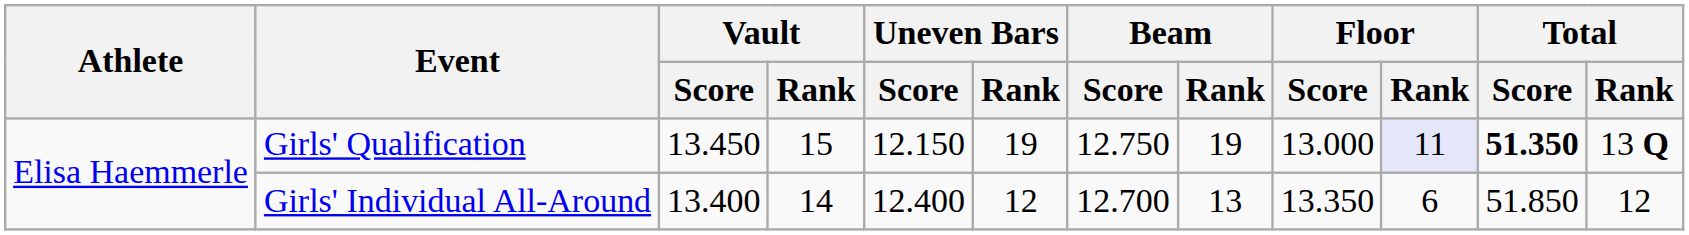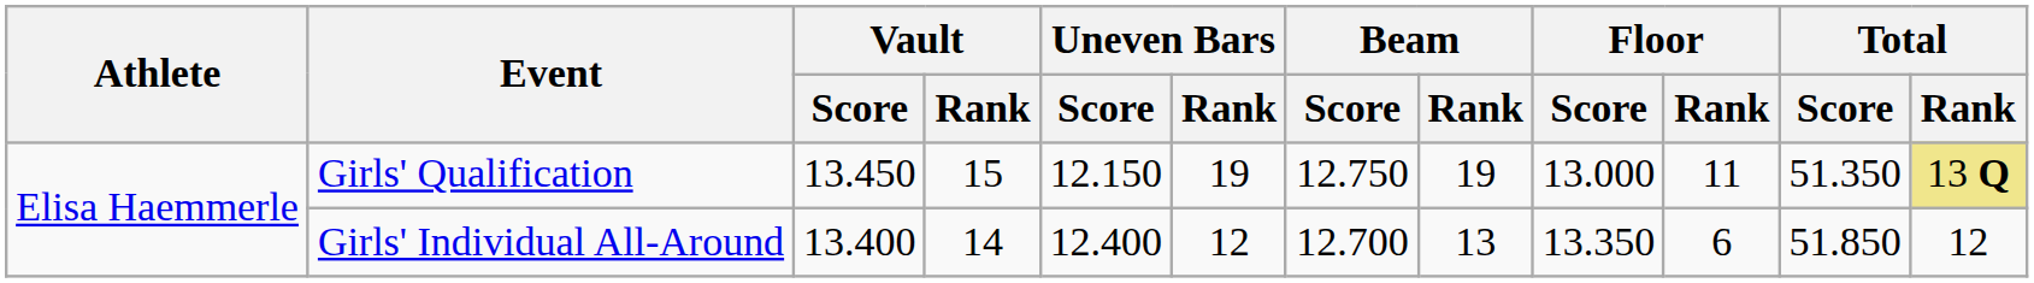 <table class="wikitable" border="1" style="font-size:90%">
 <tr>
 <th rowspan=2>Athlete</th>
 <th rowspan=2>Event</th>
 <th colspan=2>Vault</th>
 <th colspan=2>Uneven Bars</th>
 <th colspan=2>Beam</th>
 <th colspan=2>Floor</th>
 <th colspan=2>Total</th>
 </tr>
 <tr>
 <th>Score</th>
 <th>Rank</th>
 <th>Score</th>
 <th>Rank</th>
 <th>Score</th>
 <th>Rank</th>
 <th>Score</th>
 <th>Rank</th>
 <th>Score</th>
 <th>Rank</th>
 </tr>
 <tr>
 <td rowspan=2><a href='#'>Elisa Haemmerle</a></td>
 <td><a href='#'>Girls' Qualification</a></td>
 <td align=center>13.450</td>
 <td align=center>15</td>
 <td align=center>12.150</td>
 <td align=center>19</td>
 <td align=center>12.750</td>
 <td align=center>19</td>
 <td align=center>13.000</td>
-<td align=center style="background: lavender;">11</td>
-<td align=center><strong>51.350</strong></td>
-<td align=center>13 <strong>Q</strong></td>
+<td align=center>11</td>
+<td align=center>51.350</td>
+<td align=center style="background: khaki;">13 <strong>Q</strong></td>
 </tr>
 <tr>
 <td><a href='#'>Girls' Individual All-Around</a></td>
 <td align=center>13.400</td>
 <td align=center>14</td>
 <td align=center>12.400</td>
 <td align=center>12</td>
 <td align=center>12.700</td>
 <td align=center>13</td>
 <td align=center>13.350</td>
 <td align=center>6</td>
 <td align=center>51.850</td>
 <td align=center>12</td>
 </tr>
 </table>
